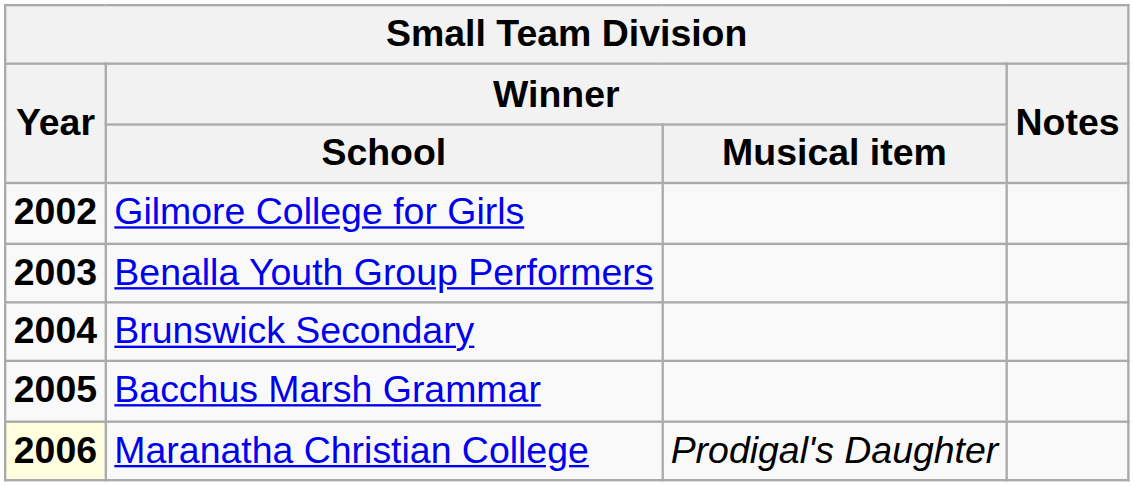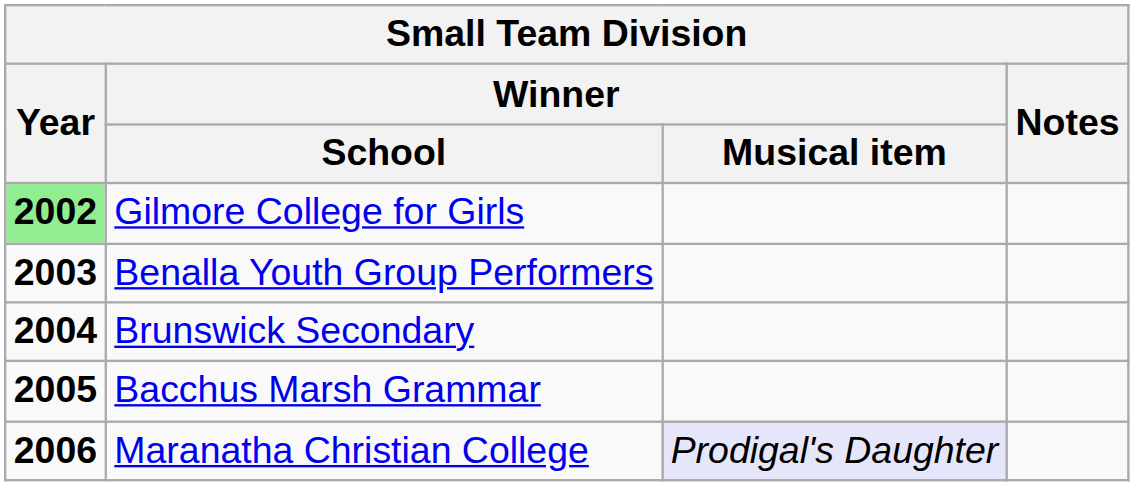 <table class="wikitable sortable">
 <tr>
 <th colspan=8>Small Team Division</th>
 </tr>
 <tr>
 <th rowspan=2>Year</th>
 <th colspan=2>Winner</th>
 <th rowspan=2>Notes</th>
 </tr>
 <tr>
 <th>School</th>
 <th>Musical item</th>
 </tr>
 <tr>
-<td><strong>2002</strong></td>
+<td style="background: lightgreen;"><strong>2002</strong></td>
 <td><a href='#'>Gilmore College for Girls</a></td>
 <td></td>
 <td></td>
 </tr>
 <tr>
 <td><strong>2003</strong></td>
 <td><a href='#'>Benalla Youth Group Performers</a></td>
 <td></td>
 <td></td>
 </tr>
 <tr>
 <td><strong>2004</strong></td>
 <td><a href='#'>Brunswick Secondary</a></td>
 <td></td>
 <td></td>
 </tr>
 <tr>
 <td><strong>2005</strong></td>
 <td><a href='#'>Bacchus Marsh Grammar</a></td>
 <td></td>
 <td></td>
 </tr>
 <tr>
-<td style="background: lightyellow;"><strong>2006</strong></td>
+<td><strong>2006</strong></td>
 <td><a href='#'>Maranatha Christian College</a></td>
-<td><em>Prodigal's Daughter</em></td>
+<td style="background: lavender;"><em>Prodigal's Daughter</em></td>
 <td></td>
 </tr>
 </table>
